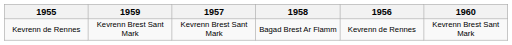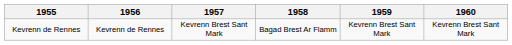 <table class="wikitable centre" width="800px" style="text-align:center;font-size:0.9em;table-layout:fixed;">
 <tr>
 <th scope="col">1955</th>
-<th scope="col">1959</th>
+<th scope="col">1956</th>
 <th scope="col">1957</th>
 <th scope="col">1958</th>
-<th scope="col">1956</th>
+<th scope="col">1959</th>
 <th scope="col">1960</th>
 </tr>
 <tr style="font-size:0.85em;">
 <td>Kevrenn de Rennes</td>
-<td>Kevrenn Brest Sant Mark</td>
+<td>Kevrenn de Rennes</td>
 <td>Kevrenn Brest Sant Mark</td>
 <td>Bagad Brest Ar Flamm</td>
-<td>Kevrenn de Rennes</td>
+<td>Kevrenn Brest Sant Mark</td>
 <td>Kevrenn Brest Sant Mark</td>
 </tr>
 </table>
